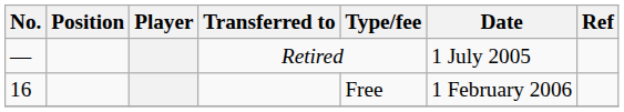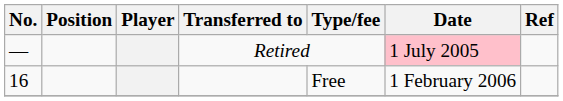 <table class="wikitable plainrowheaders sortable" style="text-align:center; text-align:left">
 <tr>
 <th scope="col">No.</th>
 <th scope="col">Position</th>
 <th scope="col">Player</th>
 <th scope="col">Transferred to</th>
 <th scope="col">Type/fee</th>
 <th scope="col">Date</th>
 <th scope="col" class="unsortable">Ref</th>
 </tr>
 <tr>
 <td>—</td>
 <td></td>
 <th scope="row"></th>
 <td colspan="2" align="center"><em>Retired</em></td>
-<td>1 July 2005</td>
+<td style="background: pink;">1 July 2005</td>
 <td></td>
 </tr>
 <tr>
 <td>16</td>
 <td></td>
 <th scope="row"></th>
 <td></td>
 <td>Free</td>
 <td>1 February 2006</td>
 <td></td>
 </tr>
 <tr>
 </tr>
 </table>
